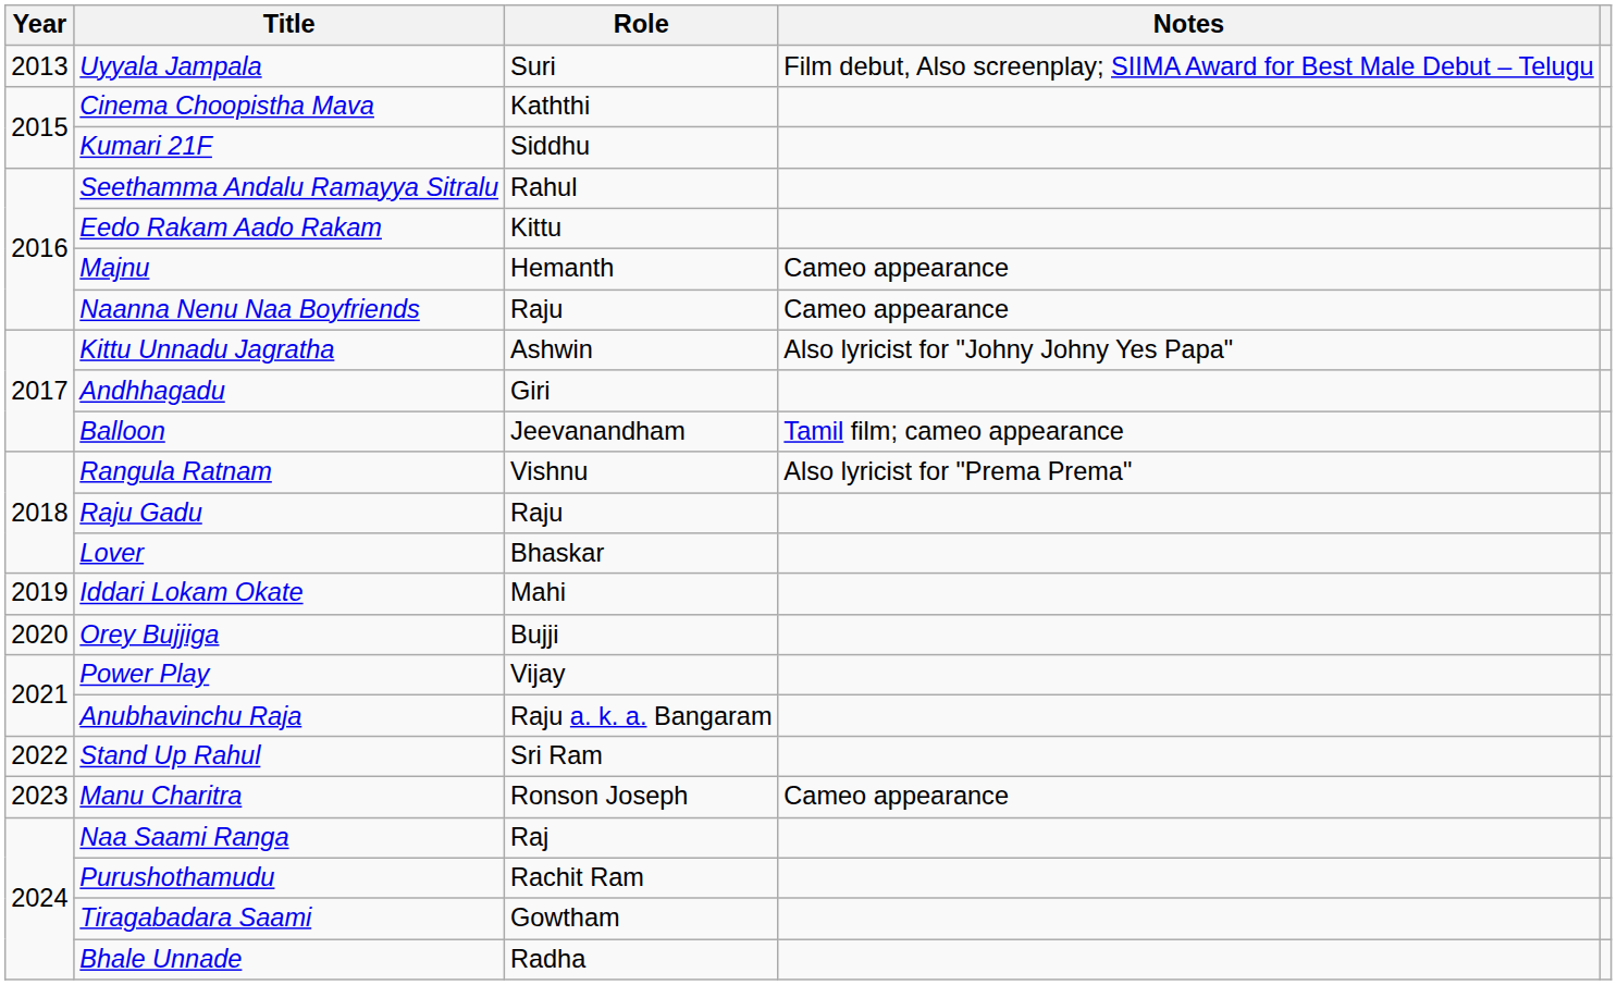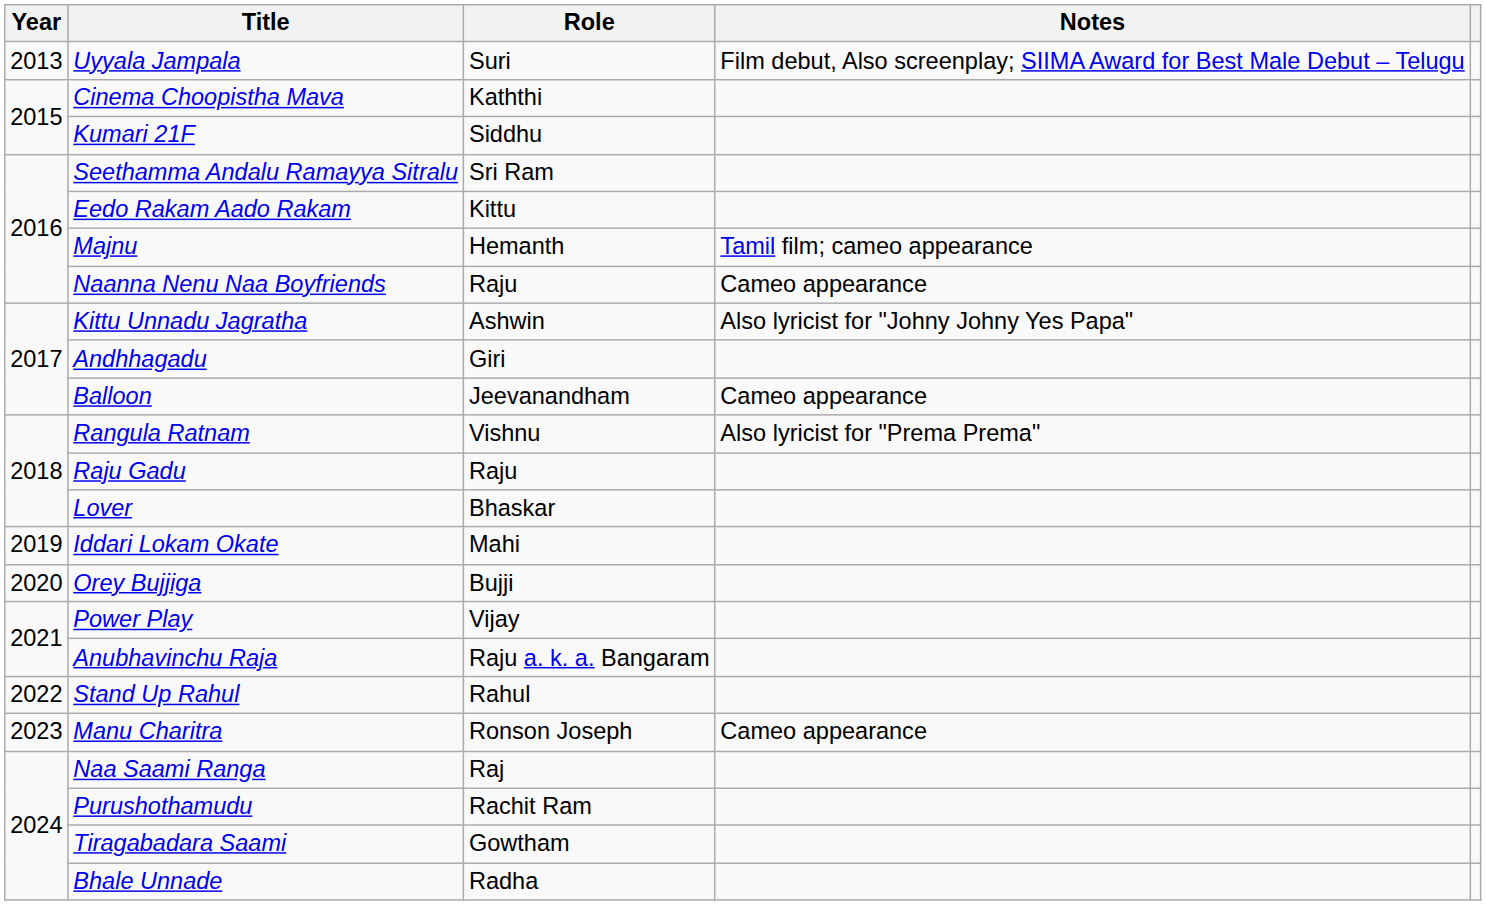 <table class="wikitable">
 <tr>
 <th>Year</th>
 <th>Title</th>
 <th>Role</th>
 <th>Notes</th>
 <th></th>
 </tr>
 <tr>
 <td rowspan="1">2013</td>
 <td><em><a href='#'>Uyyala Jampala</a></em></td>
 <td>Suri</td>
 <td>Film debut, Also screenplay; <a href='#'>SIIMA Award for Best Male Debut – Telugu</a></td>
 <td></td>
 </tr>
 <tr>
 <td rowspan="2">2015</td>
 <td><em><a href='#'>Cinema Choopistha Mava</a></em></td>
 <td>Kaththi</td>
 <td></td>
 <td></td>
 </tr>
 <tr>
 <td><em><a href='#'>Kumari 21F</a></em></td>
 <td>Siddhu</td>
 <td></td>
 <td></td>
 </tr>
 <tr>
 <td rowspan="4">2016</td>
 <td><em><a href='#'>Seethamma Andalu Ramayya Sitralu</a></em></td>
-<td>Rahul</td>
+<td>Sri Ram</td>
 <td></td>
 <td></td>
 </tr>
 <tr>
 <td><em><a href='#'>Eedo Rakam Aado Rakam</a></em></td>
 <td>Kittu</td>
 <td></td>
 <td></td>
 </tr>
 <tr>
 <td><em><a href='#'>Majnu</a></em></td>
 <td>Hemanth</td>
-<td>Cameo appearance</td>
+<td><a href='#'>Tamil</a> film; cameo appearance</td>
 <td></td>
 </tr>
 <tr>
 <td><em><a href='#'>Naanna Nenu Naa Boyfriends</a></em></td>
 <td>Raju</td>
 <td>Cameo appearance</td>
 <td></td>
 </tr>
 <tr>
 <td rowspan="3">2017</td>
 <td><em><a href='#'>Kittu Unnadu Jagratha</a></em></td>
 <td>Ashwin</td>
 <td>Also lyricist for "Johny Johny Yes Papa"</td>
 <td></td>
 </tr>
 <tr>
 <td><em><a href='#'>Andhhagadu</a></em></td>
 <td>Giri</td>
 <td></td>
 <td></td>
 </tr>
 <tr>
 <td><em><a href='#'>Balloon</a></em></td>
 <td>Jeevanandham</td>
-<td><a href='#'>Tamil</a> film; cameo appearance</td>
+<td>Cameo appearance</td>
 <td></td>
 </tr>
 <tr>
 <td rowspan="3">2018</td>
 <td><em><a href='#'>Rangula Ratnam</a></em></td>
 <td>Vishnu</td>
 <td>Also lyricist for "Prema Prema"</td>
 <td></td>
 </tr>
 <tr>
 <td><em><a href='#'>Raju Gadu</a></em></td>
 <td>Raju</td>
 <td></td>
 <td></td>
 </tr>
 <tr>
 <td><em><a href='#'>Lover</a></em></td>
 <td>Bhaskar</td>
 <td></td>
 <td></td>
 </tr>
 <tr>
 <td>2019</td>
 <td><em><a href='#'>Iddari Lokam Okate</a></em></td>
 <td>Mahi</td>
 <td></td>
 <td></td>
 </tr>
 <tr>
 <td>2020</td>
 <td><em><a href='#'>Orey Bujjiga</a></em></td>
 <td>Bujji</td>
 <td></td>
 <td></td>
 </tr>
 <tr>
 <td rowspan="2">2021</td>
 <td><em><a href='#'>Power Play</a></em></td>
 <td>Vijay</td>
 <td></td>
 <td></td>
 </tr>
 <tr>
 <td><em><a href='#'>Anubhavinchu Raja</a></em></td>
 <td>Raju <a href='#'>a. k. a.</a> Bangaram</td>
 <td></td>
 <td></td>
 </tr>
 <tr>
 <td rowspan="1">2022</td>
 <td><em><a href='#'>Stand Up Rahul</a></em></td>
-<td>Sri Ram</td>
+<td>Rahul</td>
 <td></td>
 <td></td>
 </tr>
 <tr>
 <td>2023</td>
 <td><em><a href='#'>Manu Charitra</a></em></td>
 <td>Ronson Joseph</td>
 <td>Cameo appearance</td>
 <td></td>
 </tr>
 <tr>
 <td rowspan="4">2024</td>
 <td><em><a href='#'>Naa Saami Ranga</a></em></td>
 <td>Raj</td>
 <td></td>
 <td></td>
 </tr>
 <tr>
 <td><em><a href='#'>Purushothamudu</a></em></td>
 <td>Rachit Ram</td>
 <td></td>
 <td></td>
 </tr>
 <tr>
 <td><em><a href='#'>Tiragabadara Saami</a></em></td>
 <td>Gowtham</td>
 <td></td>
 <td></td>
 </tr>
 <tr>
 <td><em><a href='#'>Bhale Unnade</a></em></td>
 <td>Radha</td>
 <td></td>
 <td></td>
 </tr>
 </table>
